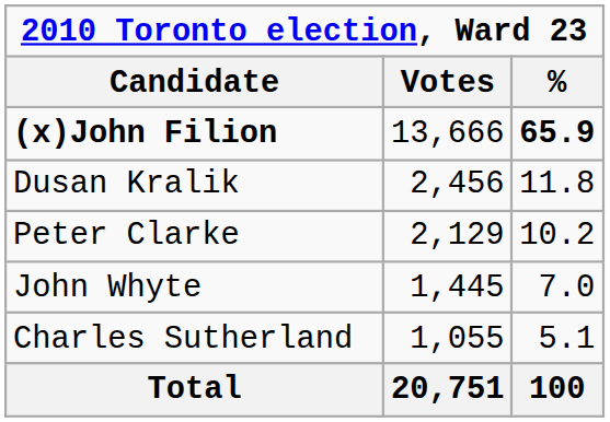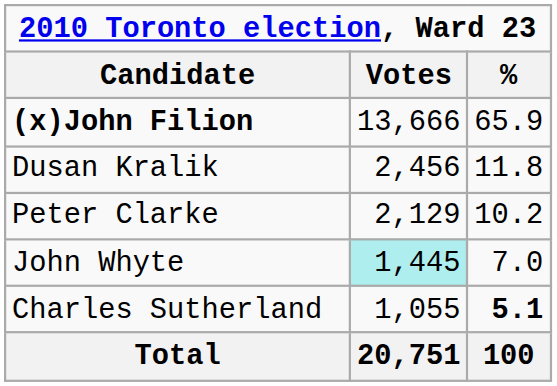 <table class="wikitable">
 <tr>
 <td Colspan="3" align="center"><strong><a href='#'>2010 Toronto election</a>, Ward 23</strong></td>
 </tr>
 <tr>
 <th bgcolor="#DDDDFF" width="150px">Candidate</th>
 <th bgcolor="#DDDDFF">Votes</th>
 <th bgcolor="#DDDDFF">%</th>
 </tr>
 <tr>
 <td><strong>(x)John Filion</strong></td>
 <td align=right>13,666</td>
-<td align=right><strong>65.9</strong></td>
+<td align=right>65.9</td>
 </tr>
 <tr>
 <td>Dusan Kralik</td>
 <td align=right>2,456</td>
 <td align=right>11.8</td>
 </tr>
 <tr>
 <td>Peter Clarke</td>
 <td align=right>2,129</td>
 <td align=right>10.2</td>
 </tr>
 <tr>
 <td>John Whyte</td>
-<td align=right>1,445</td>
+<td align=right style="background: paleturquoise;">1,445</td>
 <td align=right>7.0</td>
 </tr>
 <tr>
 <td>Charles Sutherland</td>
 <td align=right>1,055</td>
-<td align=right>5.1</td>
+<td align=right><strong>5.1</strong></td>
 </tr>
 <tr>
 <th>Total</th>
 <th align=right>20,751</th>
 <th align=right>100</th>
 </tr>
 </table>
